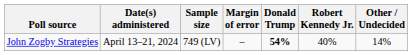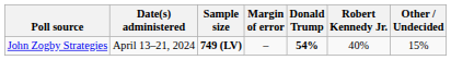 <table class="wikitable sortable mw-datatable" style="font-size:90%;text-align:center;line-height:17px">
 <tr valign=bottom>
 <th>Poll source</th>
 <th>Date(s)<br>administered</th>
 <th>Sample<br>size</th>
 <th>Margin<br>of error</th>
 <th class="unsortable">Donald<br>Trump<br></th>
 <th class="unsortable">Robert<br>Kennedy Jr.<br></th>
 <th class="unsortable">Other /<br>Undecided</th>
 </tr>
 <tr>
 <td style="text-align:left;"><a href='#'>John Zogby Strategies</a></td>
 <td data-sort-value="2024-05-01">April 13–21, 2024</td>
-<td>749 (LV)</td>
+<td><strong>749 (LV)</strong></td>
 <td>–</td>
 <td style="background-color:"><strong>54%</strong></td>
 <td>40%</td>
-<td>14%</td>
+<td>15%</td>
 </tr>
 </table>
